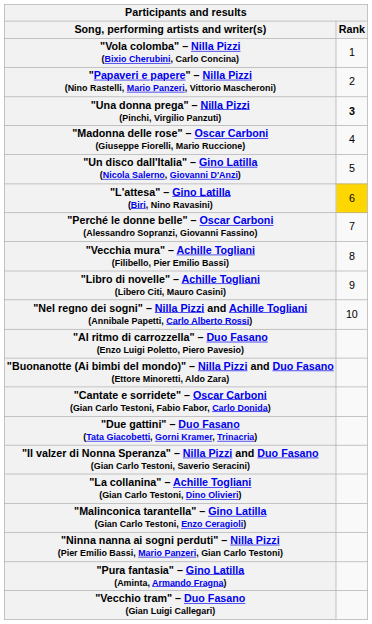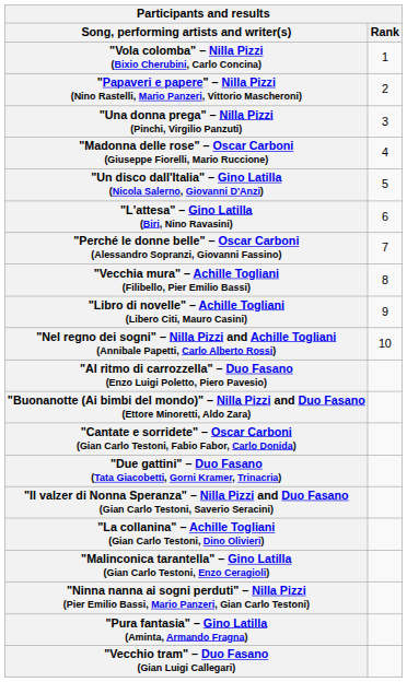 <table class="plainrowheaders wikitable">
 <tr>
 <th colspan="3">Participants and results</th>
 </tr>
 <tr>
 <th>Song, performing artists and writer(s)</th>
 <th>Rank</th>
 </tr>
 <tr>
 <th scope="row">"Vola colomba" – <a href='#'>Nilla Pizzi</a><br><small>(<a href='#'>Bixio Cherubini</a>, Carlo Concina)</small></th>
 <td style="text-align:center;">1</td>
 </tr>
 <tr>
 <th scope="row">"<a href='#'>Papaveri e papere</a>" – <a href='#'>Nilla Pizzi</a><br><small>(Nino Rastelli, <a href='#'>Mario Panzeri</a>, Vittorio Mascheroni)</small></th>
 <td style="text-align:center;">2</td>
 </tr>
 <tr>
 <th scope="row">"Una donna prega" – <a href='#'>Nilla Pizzi</a><br><small>(Pinchi, Virgilio Panzuti)</small></th>
-<td style="text-align:center;"><strong>3</strong></td>
+<td style="text-align:center;">3</td>
 </tr>
 <tr>
 <th scope="row">"Madonna delle rose" – <a href='#'>Oscar Carboni</a><br><small>(Giuseppe Fiorelli, Mario Ruccione)</small></th>
 <td style="text-align:center;">4</td>
 </tr>
 <tr>
 <th scope="row">"Un disco dall'Italia" – <a href='#'>Gino Latilla</a><br><small>(<a href='#'>Nicola Salerno</a>, <a href='#'>Giovanni D'Anzi</a>)</small></th>
 <td style="text-align:center;">5</td>
 </tr>
 <tr>
 <th scope="row">"L'attesa" – <a href='#'>Gino Latilla</a><br><small>(<a href='#'>Biri</a>, Nino Ravasini)</small></th>
-<td style="background: gold; text-align:center;">6</td>
+<td style="text-align:center;">6</td>
 </tr>
 <tr>
 <th scope="row">"Perché le donne belle" – <a href='#'>Oscar Carboni</a><br><small>(Alessandro Sopranzi, Giovanni Fassino)</small></th>
 <td style="text-align:center;">7</td>
 </tr>
 <tr>
 <th scope="row">"Vecchia mura" – <a href='#'>Achille Togliani</a><br><small>(Filibello, Pier Emilio Bassi)</small></th>
 <td style="text-align:center;">8</td>
 </tr>
 <tr>
 <th scope="row">"Libro di novelle" – <a href='#'>Achille Togliani</a><br><small>(Libero Citi, Mauro Casini)</small></th>
 <td style="text-align:center;">9</td>
 </tr>
 <tr>
 <th scope="row">"Nel regno dei sogni" – <a href='#'>Nilla Pizzi</a> and <a href='#'>Achille Togliani</a><br><small>(Annibale Papetti, <a href='#'>Carlo Alberto Rossi</a>)</small></th>
 <td style="text-align:center;">10</td>
 </tr>
 <tr>
 <th scope="row">"Al ritmo di carrozzella" – <a href='#'>Duo Fasano</a><br><small>(Enzo Luigi Poletto, Piero Pavesio)</small></th>
 <td></td>
 </tr>
 <tr>
 <th scope="row">"Buonanotte (Ai bimbi del mondo)" – <a href='#'>Nilla Pizzi</a> and <a href='#'>Duo Fasano</a><br><small>(Ettore Minoretti, Aldo Zara)</small></th>
 <td></td>
 </tr>
 <tr>
 <th scope="row">"Cantate e sorridete" – <a href='#'>Oscar Carboni</a><br><small>(Gian Carlo Testoni, Fabio Fabor, <a href='#'>Carlo Donida</a>)</small></th>
 <td></td>
 </tr>
 <tr>
 <th scope="row">"Due gattini" – <a href='#'>Duo Fasano</a><br><small>(<a href='#'>Tata Giacobetti</a>, <a href='#'>Gorni Kramer</a>, <a href='#'>Trinacria</a>)</small></th>
 <td></td>
 </tr>
 <tr>
 <th scope="row">"Il valzer di Nonna Speranza" – <a href='#'>Nilla Pizzi</a> and <a href='#'>Duo Fasano</a><br><small>(Gian Carlo Testoni, Saverio Seracini)</small></th>
 <td></td>
 </tr>
 <tr>
 <th scope="row">"La collanina" – <a href='#'>Achille Togliani</a><br><small>(Gian Carlo Testoni, <a href='#'>Dino Olivieri</a>)</small></th>
 <td></td>
 </tr>
 <tr>
 <th scope="row">"Malinconica tarantella" – <a href='#'>Gino Latilla</a><br><small>(Gian Carlo Testoni, <a href='#'>Enzo Ceragioli</a>)</small></th>
 <td></td>
 </tr>
 <tr>
 <th scope="row">"Ninna nanna ai sogni perduti" – <a href='#'>Nilla Pizzi</a><br><small>(Pier Emilio Bassi, <a href='#'>Mario Panzeri</a>, Gian Carlo Testoni)</small></th>
 <td></td>
 </tr>
 <tr>
 <th scope="row">"Pura fantasia" – <a href='#'>Gino Latilla</a><br><small>(Aminta, <a href='#'>Armando Fragna</a>)</small></th>
 <td></td>
 </tr>
 <tr>
 <th scope="row">"Vecchio tram" – <a href='#'>Duo Fasano</a><br><small>(Gian Luigi Callegari)</small></th>
 <td></td>
 </tr>
 </table>
